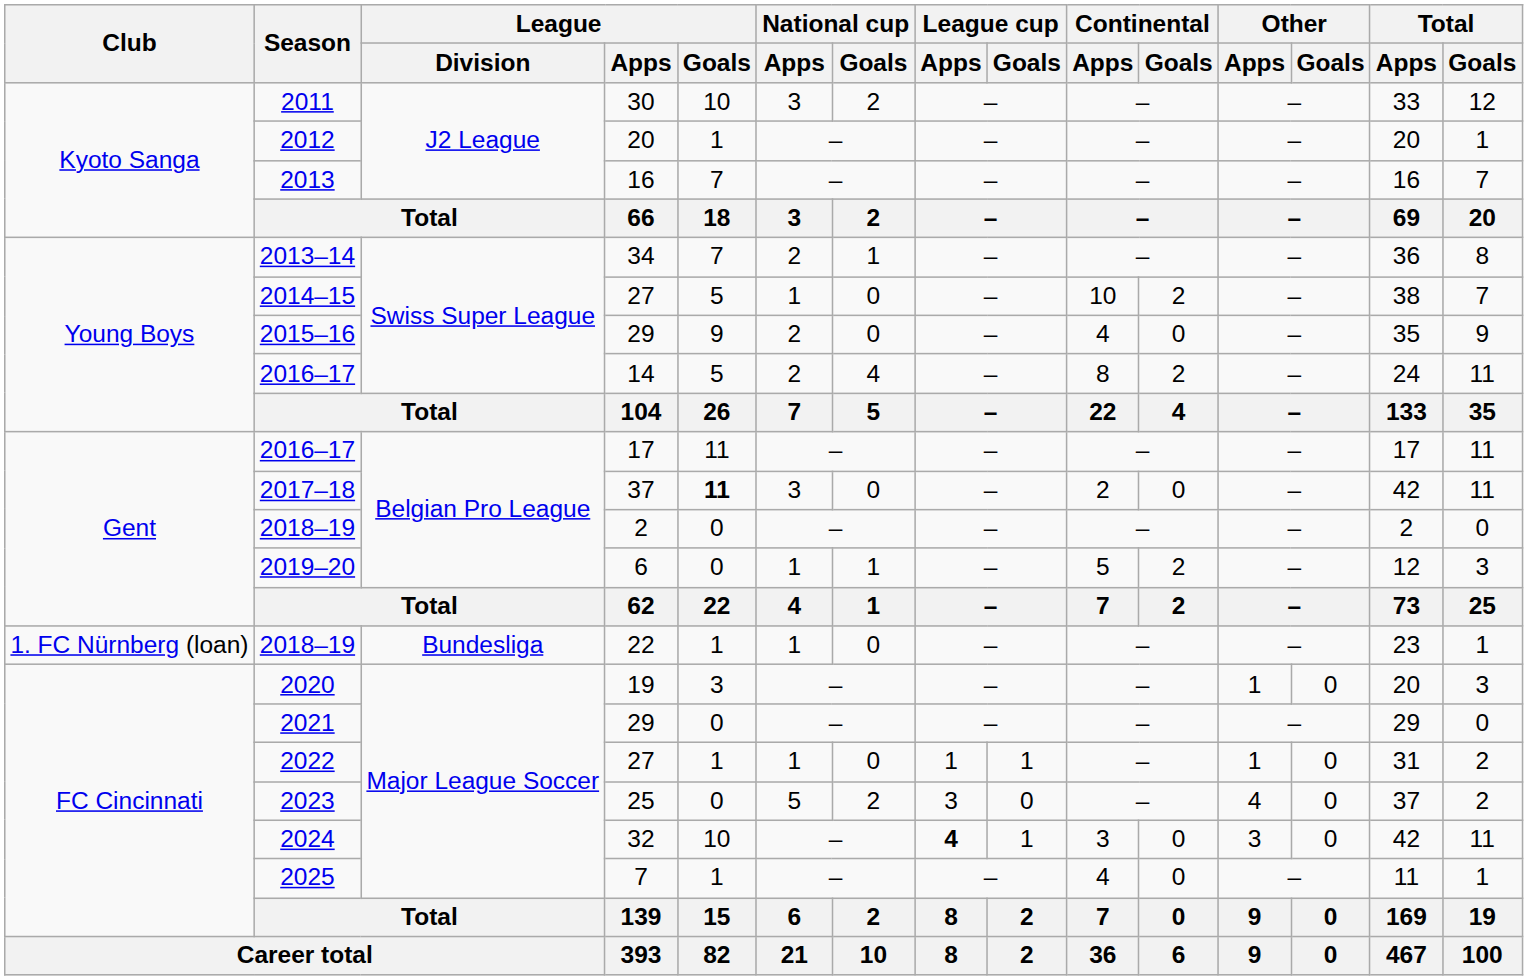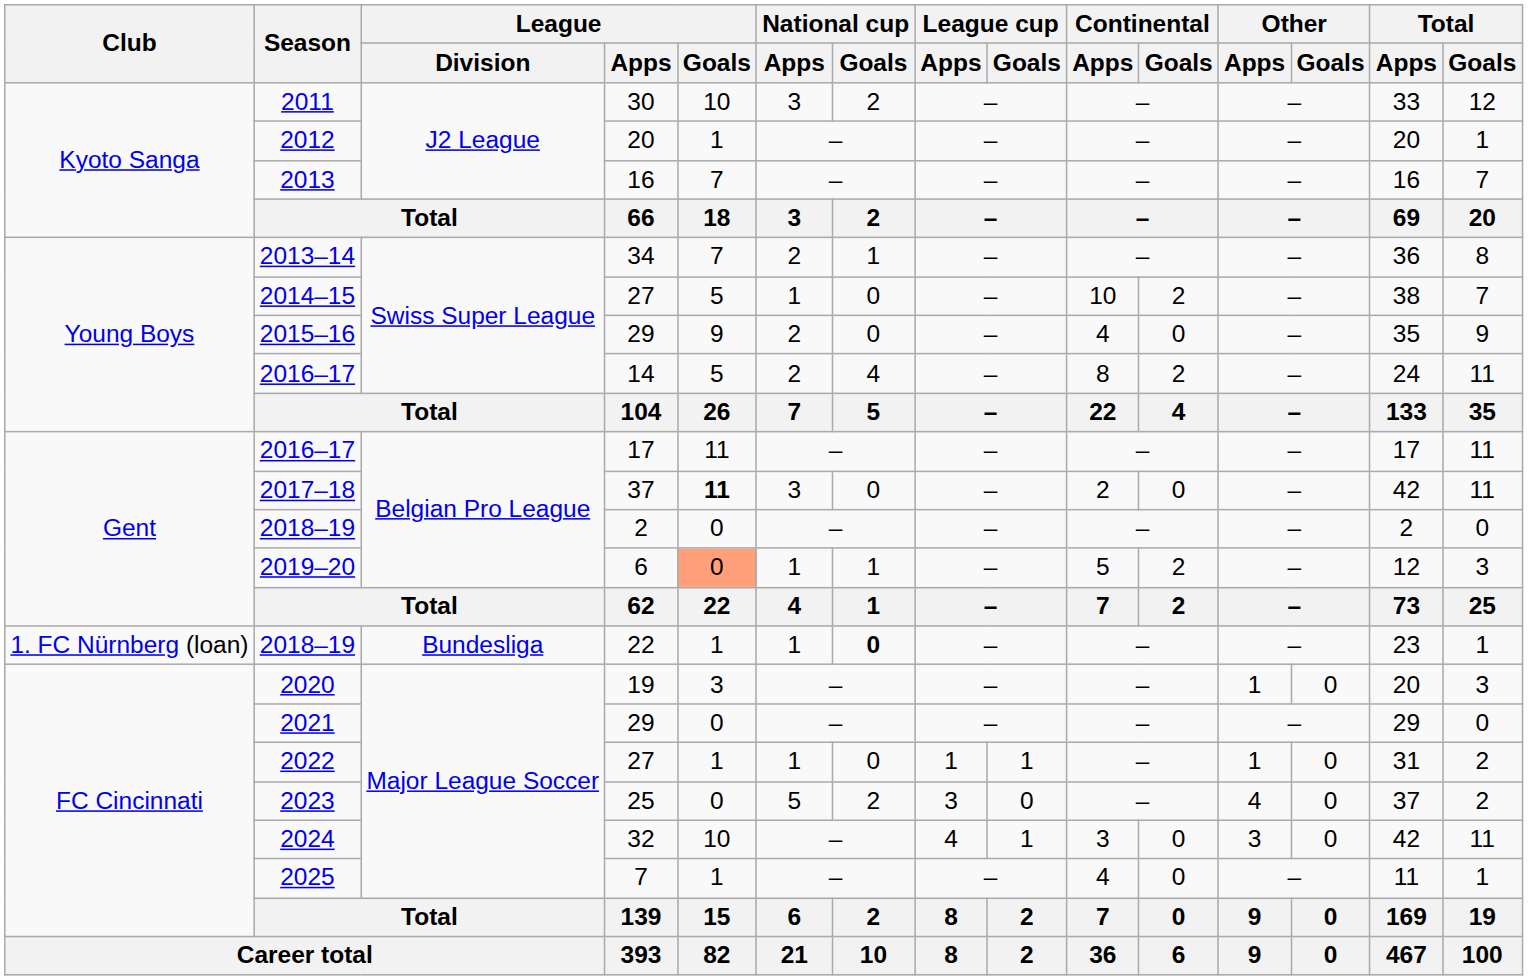 <table class="wikitable" style="text-align:center;">
 <tr>
 <th rowspan="2">Club</th>
 <th rowspan="2">Season</th>
 <th colspan="3">League</th>
 <th colspan="2">National cup</th>
 <th colspan="2">League cup</th>
 <th colspan="2">Continental</th>
 <th colspan="2">Other</th>
 <th colspan="2">Total</th>
 </tr>
 <tr>
 <th>Division</th>
 <th>Apps</th>
 <th>Goals</th>
 <th>Apps</th>
 <th>Goals</th>
 <th>Apps</th>
 <th>Goals</th>
 <th>Apps</th>
 <th>Goals</th>
 <th>Apps</th>
 <th>Goals</th>
 <th>Apps</th>
 <th>Goals</th>
 </tr>
 <tr>
 <td rowspan="4"><a href='#'>Kyoto Sanga</a></td>
 <td><a href='#'>2011</a></td>
 <td rowspan="3"><a href='#'>J2 League</a></td>
 <td>30</td>
 <td>10</td>
 <td>3</td>
 <td>2</td>
 <td colspan="2">–</td>
 <td colspan="2">–</td>
 <td colspan="2">–</td>
 <td>33</td>
 <td>12</td>
 </tr>
 <tr>
 <td><a href='#'>2012</a></td>
 <td>20</td>
 <td>1</td>
 <td colspan="2">–</td>
 <td colspan="2">–</td>
 <td colspan="2">–</td>
 <td colspan="2">–</td>
 <td>20</td>
 <td>1</td>
 </tr>
 <tr>
 <td><a href='#'>2013</a></td>
 <td>16</td>
 <td>7</td>
 <td colspan="2">–</td>
 <td colspan="2">–</td>
 <td colspan="2">–</td>
 <td colspan="2">–</td>
 <td>16</td>
 <td>7</td>
 </tr>
 <tr>
 <th colspan="2">Total</th>
 <th>66</th>
 <th>18</th>
 <th>3</th>
 <th>2</th>
 <th colspan="2">–</th>
 <th colspan="2">–</th>
 <th colspan="2">–</th>
 <th>69</th>
 <th>20</th>
 </tr>
 <tr>
 <td rowspan="5"><a href='#'>Young Boys</a></td>
 <td><a href='#'>2013–14</a></td>
 <td rowspan="4"><a href='#'>Swiss Super League</a></td>
 <td>34</td>
 <td>7</td>
 <td>2</td>
 <td>1</td>
 <td colspan="2">–</td>
 <td colspan="2">–</td>
 <td colspan="2">–</td>
 <td>36</td>
 <td>8</td>
 </tr>
 <tr>
 <td><a href='#'>2014–15</a></td>
 <td>27</td>
 <td>5</td>
 <td>1</td>
 <td>0</td>
 <td colspan="2">–</td>
 <td>10</td>
 <td>2</td>
 <td colspan="2">–</td>
 <td>38</td>
 <td>7</td>
 </tr>
 <tr>
 <td><a href='#'>2015–16</a></td>
 <td>29</td>
 <td>9</td>
 <td>2</td>
 <td>0</td>
 <td colspan="2">–</td>
 <td>4</td>
 <td>0</td>
 <td colspan="2">–</td>
 <td>35</td>
 <td>9</td>
 </tr>
 <tr>
 <td><a href='#'>2016–17</a></td>
 <td>14</td>
 <td>5</td>
 <td>2</td>
 <td>4</td>
 <td colspan="2">–</td>
 <td>8</td>
 <td>2</td>
 <td colspan="2">–</td>
 <td>24</td>
 <td>11</td>
 </tr>
 <tr>
 <th colspan="2">Total</th>
 <th>104</th>
 <th>26</th>
 <th>7</th>
 <th>5</th>
 <th colspan="2">–</th>
 <th>22</th>
 <th>4</th>
 <th colspan="2">–</th>
 <th>133</th>
 <th>35</th>
 </tr>
 <tr>
 <td rowspan="5"><a href='#'>Gent</a></td>
 <td><a href='#'>2016–17</a></td>
 <td rowspan="4"><a href='#'>Belgian Pro League</a></td>
 <td>17</td>
 <td>11</td>
 <td colspan="2">–</td>
 <td colspan="2">–</td>
 <td colspan="2">–</td>
 <td colspan="2">–</td>
 <td>17</td>
 <td>11</td>
 </tr>
 <tr>
 <td><a href='#'>2017–18</a></td>
 <td>37</td>
 <td><strong>11</strong></td>
 <td>3</td>
 <td>0</td>
 <td colspan="2">–</td>
 <td>2</td>
 <td>0</td>
 <td colspan="2">–</td>
 <td>42</td>
 <td>11</td>
 </tr>
 <tr>
 <td><a href='#'>2018–19</a></td>
 <td>2</td>
 <td>0</td>
 <td colspan="2">–</td>
 <td colspan="2">–</td>
 <td colspan="2">–</td>
 <td colspan="2">–</td>
 <td>2</td>
 <td>0</td>
 </tr>
 <tr>
 <td><a href='#'>2019–20</a></td>
 <td>6</td>
-<td>0</td>
+<td style="background: lightsalmon;">0</td>
 <td>1</td>
 <td>1</td>
 <td colspan="2">–</td>
 <td>5</td>
 <td>2</td>
 <td colspan="2">–</td>
 <td>12</td>
 <td>3</td>
 </tr>
 <tr>
 <th colspan="2">Total</th>
 <th>62</th>
 <th>22</th>
 <th>4</th>
 <th>1</th>
 <th colspan="2">–</th>
 <th>7</th>
 <th>2</th>
 <th colspan="2">–</th>
 <th>73</th>
 <th>25</th>
 </tr>
 <tr>
 <td><a href='#'>1. FC Nürnberg</a> (loan)</td>
 <td><a href='#'>2018–19</a></td>
 <td><a href='#'>Bundesliga</a></td>
 <td>22</td>
 <td>1</td>
 <td>1</td>
-<td>0</td>
+<td><strong>0</strong></td>
 <td colspan="2">–</td>
 <td colspan="2">–</td>
 <td colspan="2">–</td>
 <td>23</td>
 <td>1</td>
 </tr>
 <tr>
 <td rowspan="7"><a href='#'>FC Cincinnati</a></td>
 <td><a href='#'>2020</a></td>
 <td rowspan="6"><a href='#'>Major League Soccer</a></td>
 <td>19</td>
 <td>3</td>
 <td colspan="2">–</td>
 <td colspan="2">–</td>
 <td colspan="2">–</td>
 <td>1</td>
 <td>0</td>
 <td>20</td>
 <td>3</td>
 </tr>
 <tr>
 <td><a href='#'>2021</a></td>
 <td>29</td>
 <td>0</td>
 <td colspan="2">–</td>
 <td colspan="2">–</td>
 <td colspan="2">–</td>
 <td colspan="2">–</td>
 <td>29</td>
 <td>0</td>
 </tr>
 <tr>
 <td><a href='#'>2022</a></td>
 <td>27</td>
 <td>1</td>
 <td>1</td>
 <td>0</td>
 <td>1</td>
 <td>1</td>
 <td colspan="2">–</td>
 <td>1</td>
 <td>0</td>
 <td>31</td>
 <td>2</td>
 </tr>
 <tr>
 <td><a href='#'>2023</a></td>
 <td>25</td>
 <td>0</td>
 <td>5</td>
 <td>2</td>
 <td>3</td>
 <td>0</td>
 <td colspan="2">–</td>
 <td>4</td>
 <td>0</td>
 <td>37</td>
 <td>2</td>
 </tr>
 <tr>
 <td><a href='#'>2024</a></td>
 <td>32</td>
 <td>10</td>
 <td colspan="2">–</td>
-<td><strong>4</strong></td>
+<td>4</td>
 <td>1</td>
 <td>3</td>
 <td>0</td>
 <td>3</td>
 <td>0</td>
 <td>42</td>
 <td>11</td>
 </tr>
 <tr>
 <td><a href='#'>2025</a></td>
 <td>7</td>
 <td>1</td>
 <td colspan="2">–</td>
 <td colspan="2">–</td>
 <td>4</td>
 <td>0</td>
 <td colspan="2">–</td>
 <td>11</td>
 <td>1</td>
 </tr>
 <tr>
 <th colspan="2">Total</th>
 <th>139</th>
 <th>15</th>
 <th>6</th>
 <th>2</th>
 <th>8</th>
 <th>2</th>
 <th>7</th>
 <th>0</th>
 <th>9</th>
 <th>0</th>
 <th>169</th>
 <th>19</th>
 </tr>
 <tr>
 <th colspan="3">Career total</th>
 <th>393</th>
 <th>82</th>
 <th>21</th>
 <th>10</th>
 <th>8</th>
 <th>2</th>
 <th>36</th>
 <th>6</th>
 <th>9</th>
 <th>0</th>
 <th>467</th>
 <th>100</th>
 </tr>
 </table>
